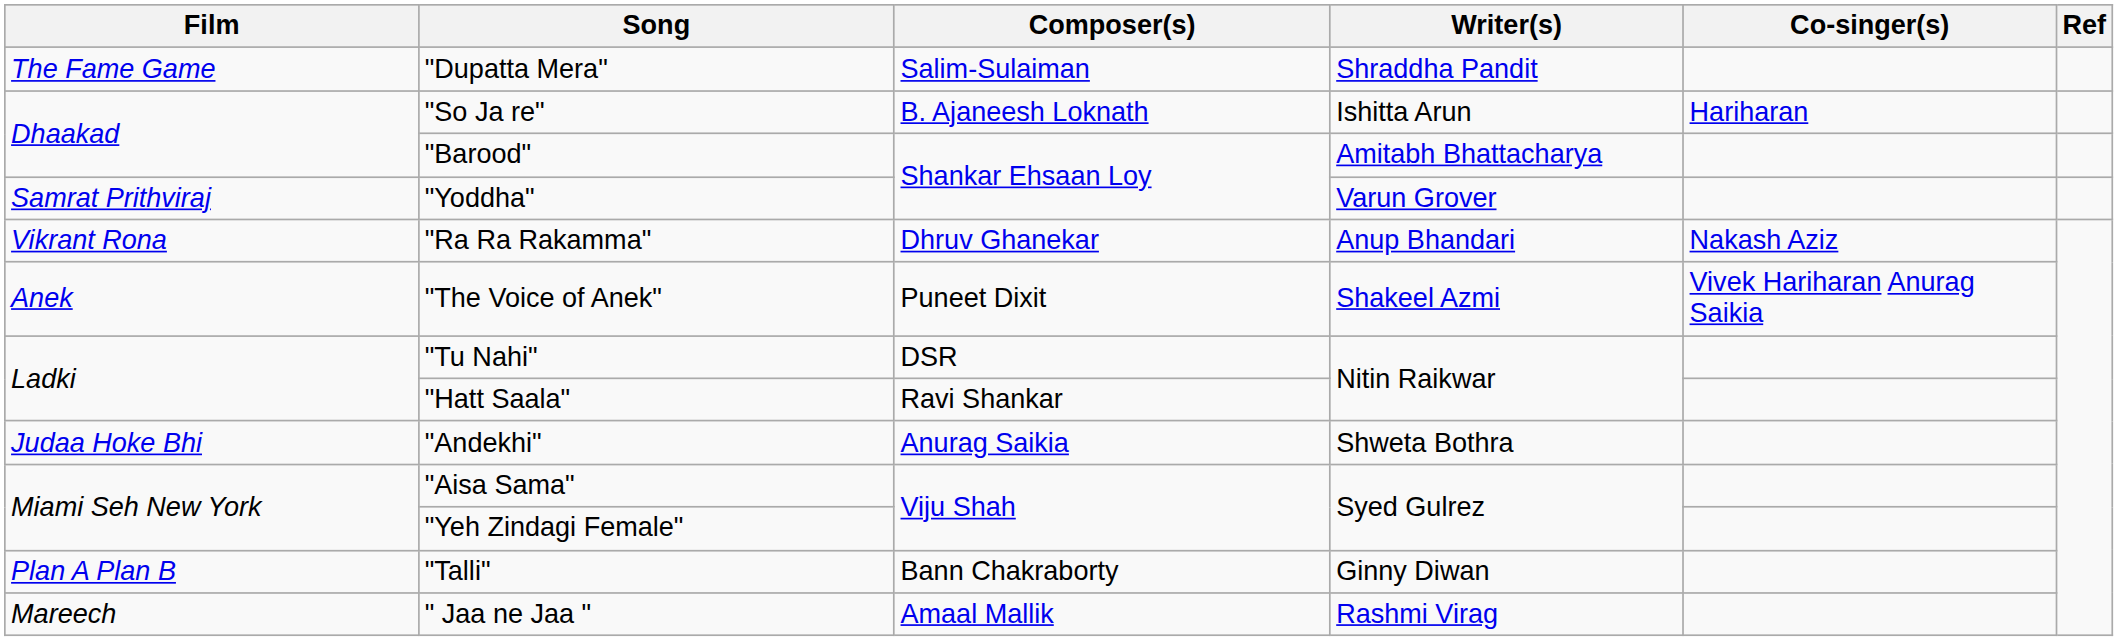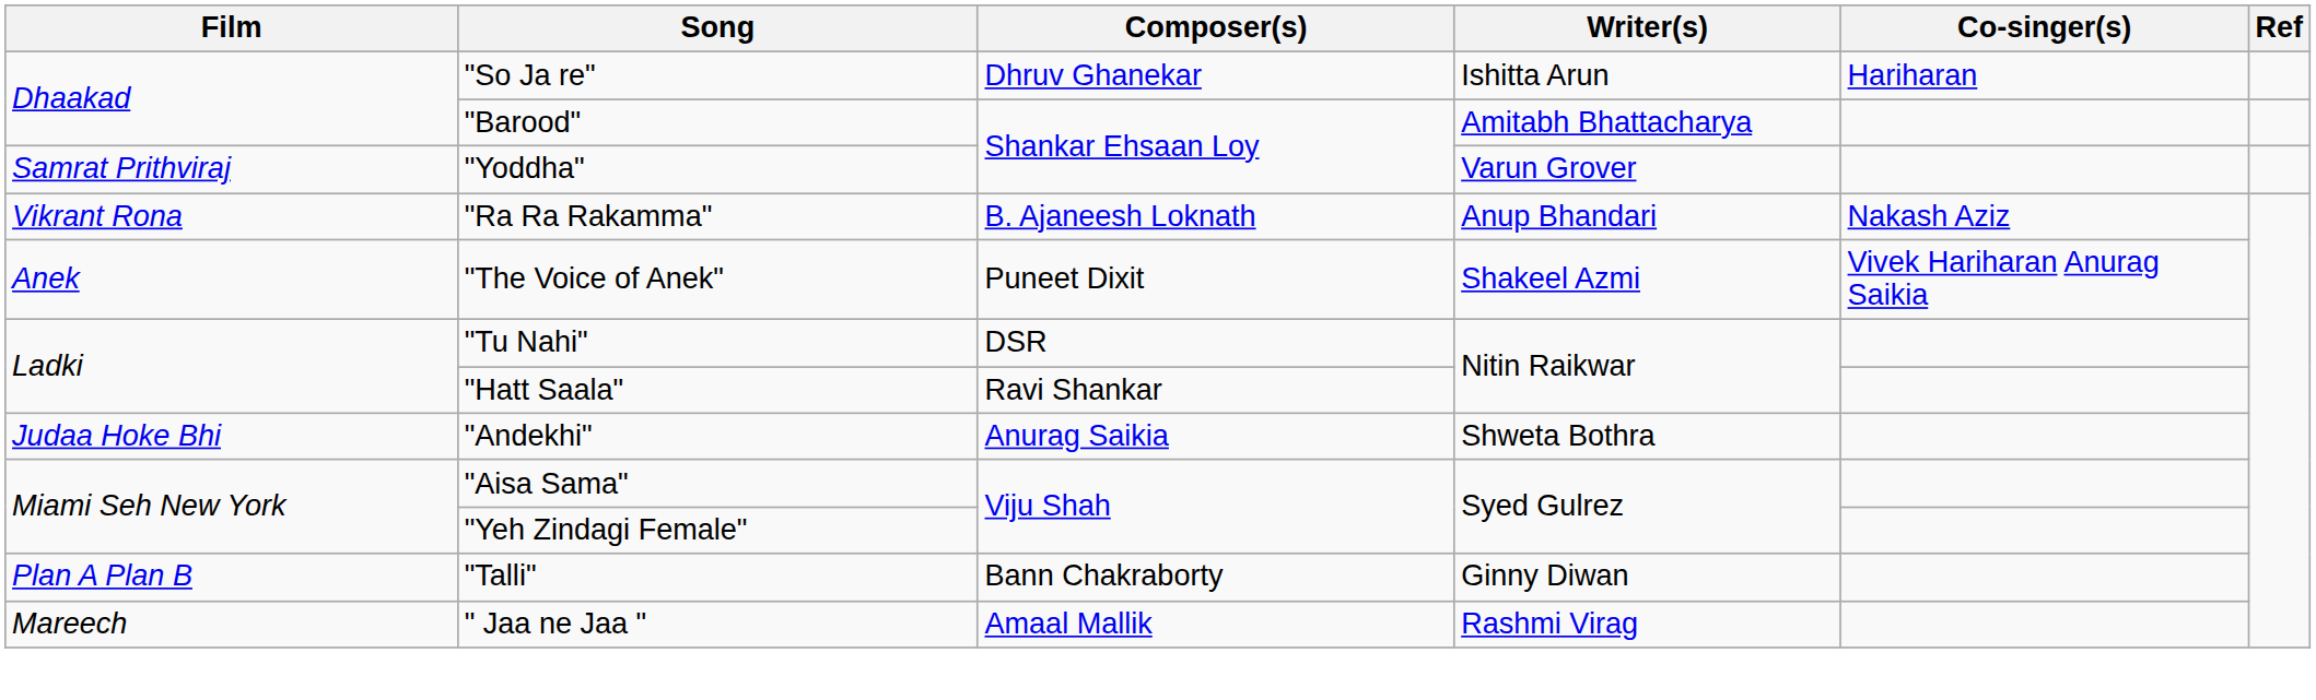 <table class="wikitable">
 <tr>
 <th width=20%>Film</th>
 <th width=23%>Song</th>
 <th width=21%>Composer(s)</th>
 <th width=17%>Writer(s)</th>
 <th width=18%>Co-singer(s)</th>
 <th width=1%>Ref</th>
 </tr>
 <tr>
-<td><em><a href='#'>The Fame Game</a></em></td>
-<td>"Dupatta Mera"</td>
-<td><a href='#'>Salim-Sulaiman</a></td>
-<td><a href='#'>Shraddha Pandit</a></td>
-<td></td>
-<td></td>
-</tr>
-<tr>
 <td rowspan="2"><a href='#'><em>Dhaakad</em></a></td>
 <td>"So Ja re"</td>
-<td><a href='#'>B. Ajaneesh Loknath</a></td>
+<td><a href='#'>Dhruv Ghanekar</a></td>
 <td>Ishitta Arun</td>
 <td><a href='#'>Hariharan</a></td>
 <td></td>
 </tr>
 <tr>
 <td>"Barood"</td>
 <td rowspan="2"><a href='#'>Shankar Ehsaan Loy</a></td>
 <td><a href='#'>Amitabh Bhattacharya</a></td>
 <td></td>
 <td></td>
 </tr>
 <tr>
 <td><em><a href='#'>Samrat Prithviraj</a></em></td>
 <td>"Yoddha"</td>
 <td><a href='#'>Varun Grover</a></td>
 <td></td>
 <td></td>
 </tr>
 <tr>
 <td><em><a href='#'>Vikrant Rona</a></em></td>
 <td>"Ra Ra Rakamma"</td>
-<td><a href='#'>Dhruv Ghanekar</a></td>
+<td><a href='#'>B. Ajaneesh Loknath</a></td>
 <td><a href='#'>Anup Bhandari</a></td>
 <td><a href='#'>Nakash Aziz</a></td>
 </tr>
 <tr>
 <td><em><a href='#'>Anek</a></em></td>
 <td>"The Voice of Anek"</td>
 <td>Puneet Dixit</td>
 <td><a href='#'>Shakeel Azmi</a></td>
 <td><a href='#'>Vivek Hariharan</a> <a href='#'>Anurag Saikia</a></td>
 </tr>
 <tr>
 <td rowspan="2"><em>Ladki</em></td>
 <td>"Tu Nahi"</td>
 <td>DSR</td>
 <td rowspan="2">Nitin Raikwar</td>
 <td></td>
 </tr>
 <tr>
 <td>"Hatt Saala"</td>
 <td>Ravi Shankar</td>
 <td></td>
 </tr>
 <tr>
 <td><em><a href='#'>Judaa Hoke Bhi</a></em></td>
 <td>"Andekhi"</td>
 <td><a href='#'>Anurag Saikia</a></td>
 <td>Shweta Bothra</td>
 <td></td>
 </tr>
 <tr>
 <td rowspan="2"><em>Miami Seh New York</em></td>
 <td>"Aisa Sama"</td>
 <td rowspan="2"><a href='#'>Viju Shah</a></td>
 <td rowspan="2">Syed Gulrez</td>
 <td></td>
 </tr>
 <tr>
 <td>"Yeh Zindagi Female"</td>
 <td></td>
 </tr>
 <tr>
 <td><em><a href='#'>Plan A Plan B</a></em></td>
 <td>"Talli"</td>
 <td>Bann Chakraborty</td>
 <td>Ginny Diwan</td>
 <td></td>
 </tr>
 <tr>
 <td><em>Mareech</em></td>
 <td>" Jaa ne Jaa "</td>
 <td><a href='#'>Amaal Mallik</a></td>
 <td><a href='#'>Rashmi Virag</a></td>
 <td></td>
 </tr>
 </table>
